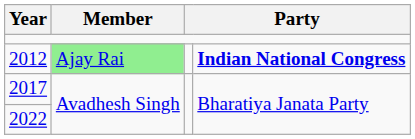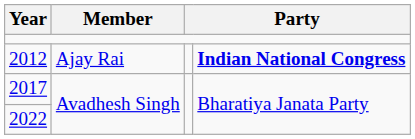 <table class="wikitable">
 <tr>
 <th>Year</th>
 <th>Member</th>
 <th colspan="2">Party</th>
 </tr>
 <tr>
 <td colspan="4"></td>
 </tr>
 <tr>
 <td><a href='#'>2012</a></td>
-<td style="background: lightgreen;"><a href='#'>Ajay Rai</a></td>
+<td><a href='#'>Ajay Rai</a></td>
 <td style="background-color: "></td>
 <td><strong><a href='#'>Indian National Congress</a></strong></td>
 </tr>
 <tr>
 <td><a href='#'>2017</a></td>
 <td rowspan="2"><a href='#'>Avadhesh Singh</a></td>
 <td rowspan="2" style="background-color: "></td>
 <td rowspan="2"><a href='#'>Bharatiya Janata Party</a></td>
 </tr>
 <tr>
 <td><a href='#'>2022</a></td>
 </tr>
 </table>
